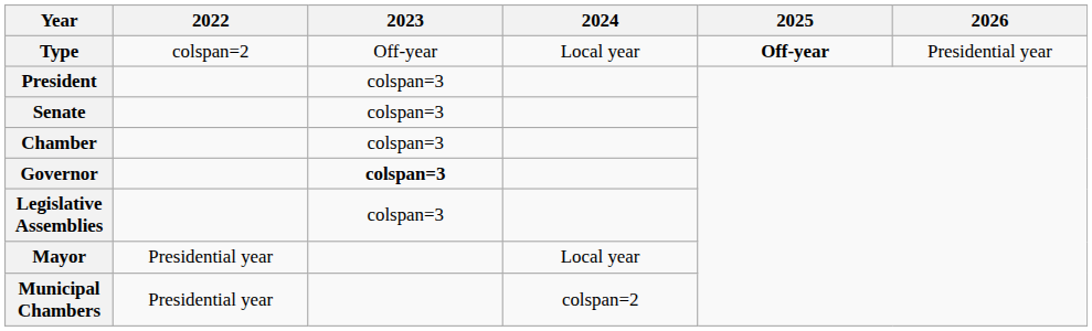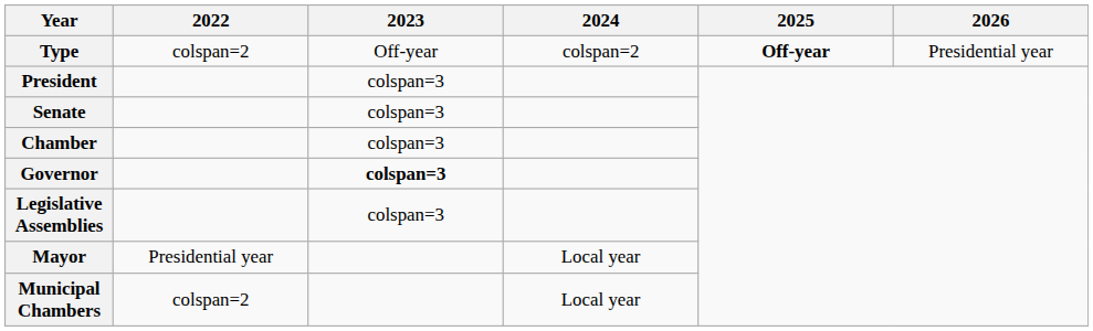 <table class="wikitable" style="font-size:95%; width:100%; margin:0 auto 15px; text-align:center;">
 <tr>
 <th width="10%">Year</th>
 <th width="18%">2022</th>
 <th width="18%">2023</th>
 <th width="18%">2024</th>
 <th width="18%">2025</th>
 <th width="18%">2026</th>
 </tr>
 <tr>
 <th>Type</th>
 <td>colspan=2 </td>
 <td style="align:center">Off-year</td>
-<td style="align:center">Local year</td>
+<td>colspan=2 </td>
 <td style="align:center"><strong>Off-year</strong></td>
 <td style="align:center">Presidential year</td>
 </tr>
 <tr>
 <th>President</th>
 <td></td>
 <td>colspan=3 </td>
 <td></td>
 </tr>
 <tr>
 <th>Senate</th>
 <td></td>
 <td>colspan=3 </td>
 <td></td>
 </tr>
 <tr>
 <th>Chamber</th>
 <td></td>
 <td>colspan=3 </td>
 <td></td>
 </tr>
 <tr>
 <th>Governor</th>
 <td></td>
 <td><strong>colspan=3 </strong></td>
 <td></td>
 </tr>
 <tr>
 <th>Legislative Assemblies</th>
 <td></td>
 <td>colspan=3 </td>
 <td></td>
 </tr>
 <tr>
 <th>Mayor</th>
 <td style="align:center">Presidential year</td>
 <td></td>
 <td style="align:center">Local year</td>
 </tr>
 <tr>
 <th>Municipal Chambers</th>
-<td style="align:center">Presidential year</td>
+<td>colspan=2 </td>
 <td></td>
-<td>colspan=2 </td>
+<td style="align:center">Local year</td>
 </tr>
 </table>
